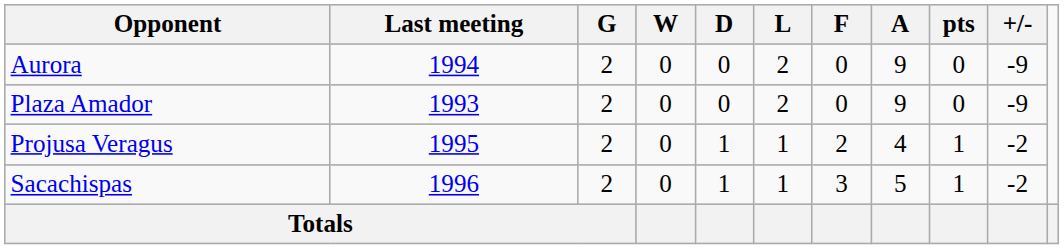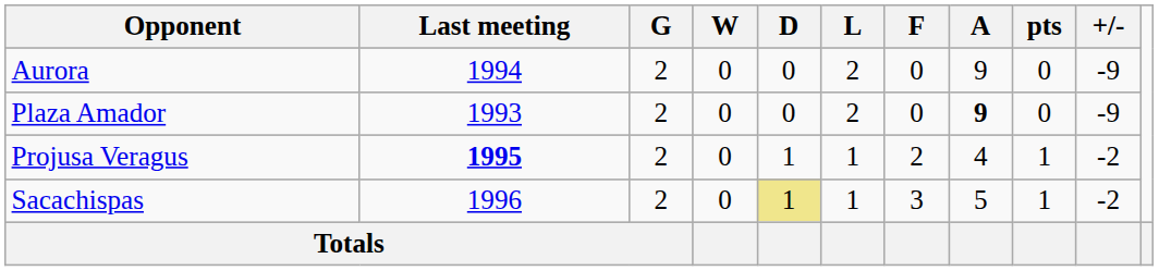 <table class="wikitable">
 <tr>
 <th width="200">Opponent</th>
 <th width="150">Last meeting</th>
 <th width="30">G</th>
 <th width="30">W</th>
 <th width="30">D</th>
 <th width="30">L</th>
 <th width="30">F</th>
 <th width="30">A</th>
 <th width="30">pts</th>
 <th width="30">+/-</th>
 </tr>
 <tr>
 <td> <a href='#'>Aurora</a></td>
 <td align="center"><a href='#'>1994</a></td>
 <td align="center">2</td>
 <td align="center">0</td>
 <td align="center">0</td>
 <td align="center">2</td>
 <td align="center">0</td>
 <td align="center">9</td>
 <td align="center">0</td>
 <td align="center">-9</td>
 </tr>
 <tr>
 <td> <a href='#'>Plaza Amador</a></td>
 <td align="center"><a href='#'>1993</a></td>
 <td align="center">2</td>
 <td align="center">0</td>
 <td align="center">0</td>
 <td align="center">2</td>
 <td align="center">0</td>
-<td align="center">9</td>
+<td align="center"><strong>9</strong></td>
 <td align="center">0</td>
 <td align="center">-9</td>
 </tr>
 <tr>
 <td> <a href='#'>Projusa Veragus</a></td>
-<td align="center"><a href='#'>1995</a></td>
+<td align="center"><strong><a href='#'>1995</a></strong></td>
 <td align="center">2</td>
 <td align="center">0</td>
 <td align="center">1</td>
 <td align="center">1</td>
 <td align="center">2</td>
 <td align="center">4</td>
 <td align="center">1</td>
 <td align="center">-2</td>
 </tr>
 <tr>
 <td> <a href='#'>Sacachispas</a></td>
 <td align="center"><a href='#'>1996</a></td>
 <td align="center">2</td>
 <td align="center">0</td>
-<td align="center">1</td>
+<td align="center" style="background: khaki;">1</td>
 <td align="center">1</td>
 <td align="center">3</td>
 <td align="center">5</td>
 <td align="center">1</td>
 <td align="center">-2</td>
 </tr>
 <tr>
 <th colspan="3">Totals</th>
 <th></th>
 <th></th>
 <th></th>
 <th></th>
 <th></th>
 <th></th>
 <th></th>
 <th></th>
 </tr>
 </table>
